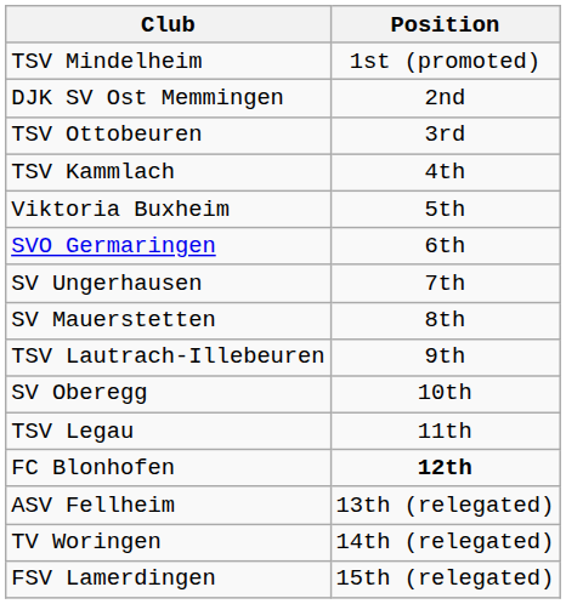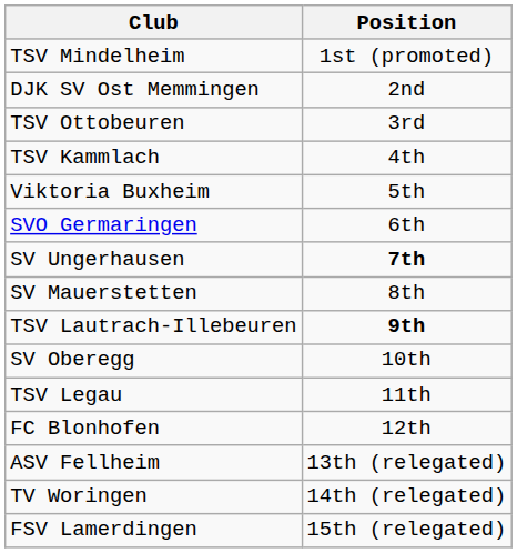 <table class="wikitable sortable" style="text-align:center">
 <tr>
 <th>Club</th>
 <th>Position</th>
 </tr>
 <tr>
 <td style="text-align:left;">TSV Mindelheim</td>
 <td>1st (promoted)</td>
 </tr>
 <tr>
 <td style="text-align:left;">DJK SV Ost Memmingen</td>
 <td>2nd</td>
 </tr>
 <tr>
 <td style="text-align:left;">TSV Ottobeuren</td>
 <td>3rd</td>
 </tr>
 <tr>
 <td style="text-align:left;">TSV Kammlach</td>
 <td>4th</td>
 </tr>
 <tr>
 <td style="text-align:left;">Viktoria Buxheim</td>
 <td>5th</td>
 </tr>
 <tr>
 <td style="text-align:left;"><a href='#'>SVO Germaringen</a></td>
 <td>6th</td>
 </tr>
 <tr>
 <td style="text-align:left;">SV Ungerhausen</td>
-<td>7th</td>
+<td><strong>7th</strong></td>
 </tr>
 <tr>
 <td style="text-align:left;">SV Mauerstetten</td>
 <td>8th</td>
 </tr>
 <tr>
 <td style="text-align:left;">TSV Lautrach-Illebeuren</td>
-<td>9th</td>
+<td><strong>9th</strong></td>
 </tr>
 <tr>
 <td style="text-align:left;">SV Oberegg</td>
 <td>10th</td>
 </tr>
 <tr>
 <td style="text-align:left;">TSV Legau</td>
 <td>11th</td>
 </tr>
 <tr>
 <td style="text-align:left;">FC Blonhofen</td>
-<td><strong>12th</strong></td>
+<td>12th</td>
 </tr>
 <tr>
 <td style="text-align:left;">ASV Fellheim</td>
 <td>13th (relegated)</td>
 </tr>
 <tr>
 <td style="text-align:left;">TV Woringen</td>
 <td>14th (relegated)</td>
 </tr>
 <tr>
 <td style="text-align:left;">FSV Lamerdingen</td>
 <td>15th (relegated)</td>
 </tr>
 </table>
